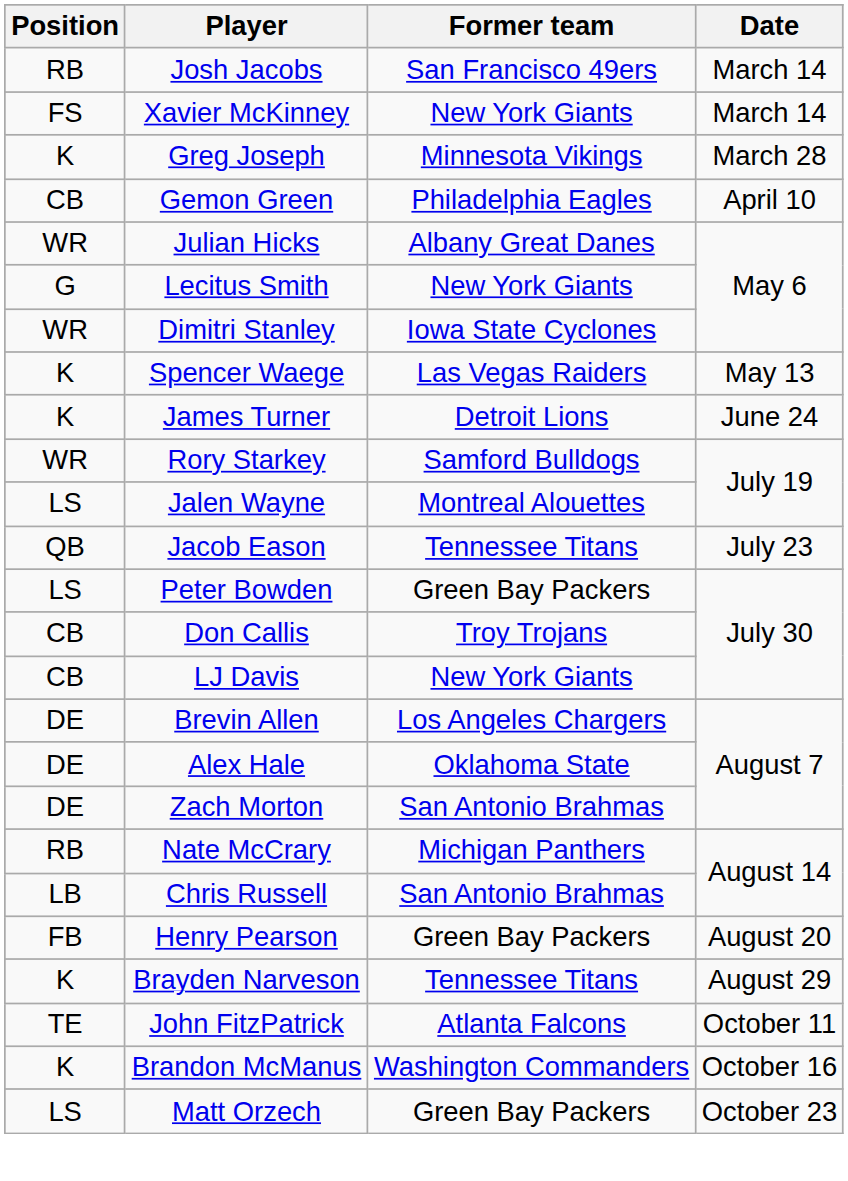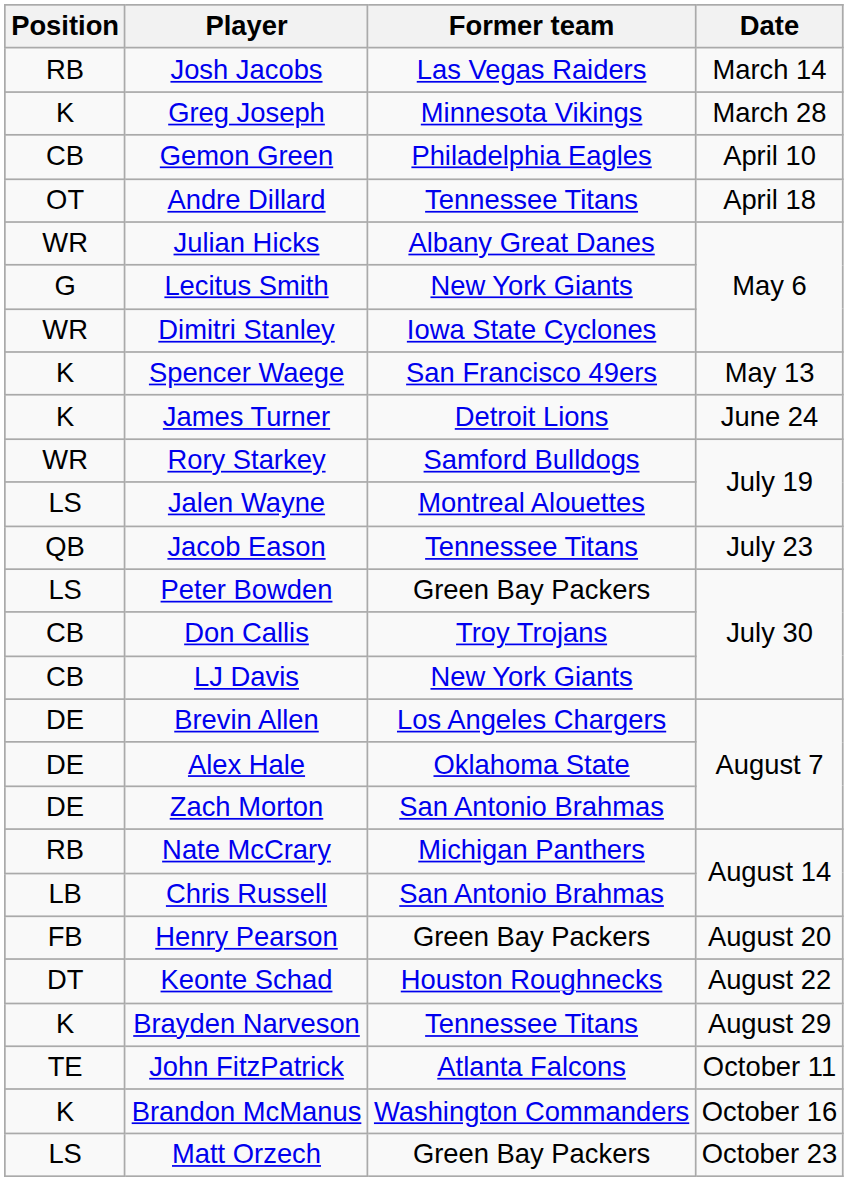 <table class="wikitable" style="text-align:center">
 <tr>
 <th>Position</th>
 <th>Player</th>
 <th>Former team</th>
 <th>Date</th>
 </tr>
 <tr>
 <td>RB</td>
 <td><a href='#'>Josh Jacobs</a></td>
-<td><a href='#'>San Francisco 49ers</a></td>
-<td>March 14</td>
-</tr>
-<tr>
-<td>FS</td>
-<td><a href='#'>Xavier McKinney</a></td>
-<td><a href='#'>New York Giants</a></td>
+<td><a href='#'>Las Vegas Raiders</a></td>
 <td>March 14</td>
 </tr>
 <tr>
 <td>K</td>
 <td><a href='#'>Greg Joseph</a></td>
 <td><a href='#'>Minnesota Vikings</a></td>
 <td>March 28</td>
 </tr>
 <tr>
 <td>CB</td>
 <td><a href='#'>Gemon Green</a></td>
 <td><a href='#'>Philadelphia Eagles</a></td>
 <td>April 10</td>
+</tr>
+<tr>
+<td>OT</td>
+<td><a href='#'>Andre Dillard</a></td>
+<td><a href='#'>Tennessee Titans</a></td>
+<td>April 18</td>
 </tr>
 <tr>
 <td>WR</td>
 <td><a href='#'>Julian Hicks</a></td>
 <td><a href='#'>Albany Great Danes</a></td>
 <td rowspan=3>May 6</td>
 </tr>
 <tr>
 <td>G</td>
 <td><a href='#'>Lecitus Smith</a></td>
 <td><a href='#'>New York Giants</a></td>
 </tr>
 <tr>
 <td>WR</td>
 <td><a href='#'>Dimitri Stanley</a></td>
 <td><a href='#'>Iowa State Cyclones</a></td>
 </tr>
 <tr>
 <td>K</td>
 <td><a href='#'>Spencer Waege</a></td>
-<td><a href='#'>Las Vegas Raiders</a></td>
+<td><a href='#'>San Francisco 49ers</a></td>
 <td>May 13</td>
 </tr>
 <tr>
 <td>K</td>
 <td><a href='#'>James Turner</a></td>
 <td><a href='#'>Detroit Lions</a></td>
 <td>June 24</td>
 </tr>
 <tr>
 <td>WR</td>
 <td><a href='#'>Rory Starkey</a></td>
 <td><a href='#'>Samford Bulldogs</a></td>
 <td rowspan=2>July 19</td>
 </tr>
 <tr>
 <td>LS</td>
 <td><a href='#'>Jalen Wayne</a></td>
 <td><a href='#'>Montreal Alouettes</a></td>
 </tr>
 <tr>
 <td>QB</td>
 <td><a href='#'>Jacob Eason</a></td>
 <td><a href='#'> Tennessee Titans</a></td>
 <td>July 23</td>
 </tr>
 <tr>
 <td>LS</td>
 <td><a href='#'>Peter Bowden</a></td>
 <td>Green Bay Packers</td>
 <td rowspan=3>July 30</td>
 </tr>
 <tr>
 <td>CB</td>
 <td><a href='#'>Don Callis</a></td>
 <td><a href='#'>Troy Trojans</a></td>
 </tr>
 <tr>
 <td>CB</td>
 <td><a href='#'>LJ Davis</a></td>
 <td><a href='#'>New York Giants</a></td>
 </tr>
 <tr>
 <td>DE</td>
 <td><a href='#'>Brevin Allen</a></td>
 <td><a href='#'>Los Angeles Chargers</a></td>
 <td rowspan="3">August 7</td>
 </tr>
 <tr>
 <td>DE</td>
 <td><a href='#'>Alex Hale</a></td>
 <td><a href='#'>Oklahoma State</a></td>
 </tr>
 <tr>
 <td>DE</td>
 <td><a href='#'>Zach Morton</a></td>
 <td><a href='#'>San Antonio Brahmas</a></td>
 </tr>
 <tr>
 <td>RB</td>
 <td><a href='#'>Nate McCrary</a></td>
 <td><a href='#'>Michigan Panthers</a></td>
 <td rowspan="2">August 14</td>
 </tr>
 <tr>
 <td>LB</td>
 <td><a href='#'>Chris Russell</a></td>
 <td><a href='#'>San Antonio Brahmas</a></td>
 </tr>
 <tr>
 <td>FB</td>
 <td><a href='#'>Henry Pearson</a></td>
 <td>Green Bay Packers</td>
 <td>August 20</td>
 </tr>
 <tr>
+<td>DT</td>
+<td><a href='#'>Keonte Schad</a></td>
+<td><a href='#'>Houston Roughnecks</a></td>
+<td>August 22</td>
+</tr>
+<tr>
 <td>K</td>
 <td><a href='#'>Brayden Narveson</a></td>
 <td><a href='#'>Tennessee Titans</a></td>
 <td>August 29</td>
 </tr>
 <tr>
 <td>TE</td>
 <td><a href='#'>John FitzPatrick</a></td>
 <td><a href='#'>Atlanta Falcons</a></td>
 <td>October 11</td>
 </tr>
 <tr>
 <td>K</td>
 <td><a href='#'>Brandon McManus</a></td>
 <td><a href='#'>Washington Commanders</a></td>
 <td>October 16</td>
 </tr>
 <tr>
 <td>LS</td>
 <td><a href='#'>Matt Orzech</a></td>
 <td>Green Bay Packers</td>
 <td>October 23</td>
 </tr>
 </table>
